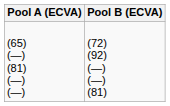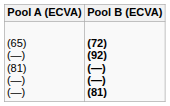 <table class="wikitable">
 <tr>
 <th width=50%>Pool A (ECVA)</th>
 <th width=50%>Pool B (ECVA)</th>
 </tr>
 <tr>
 <td><br> (65)<br>  (—)<br>  (81)<br>  (—)<br>  (—)</td>
-<td><br> (72)<br>  (92)<br>  (—)<br>  (—)<br>  (81)</td>
+<td><strong><br> (72)<br>  (92)<br>  (—)<br>  (—)<br>  (81)</strong></td>
 </tr>
 </table>
